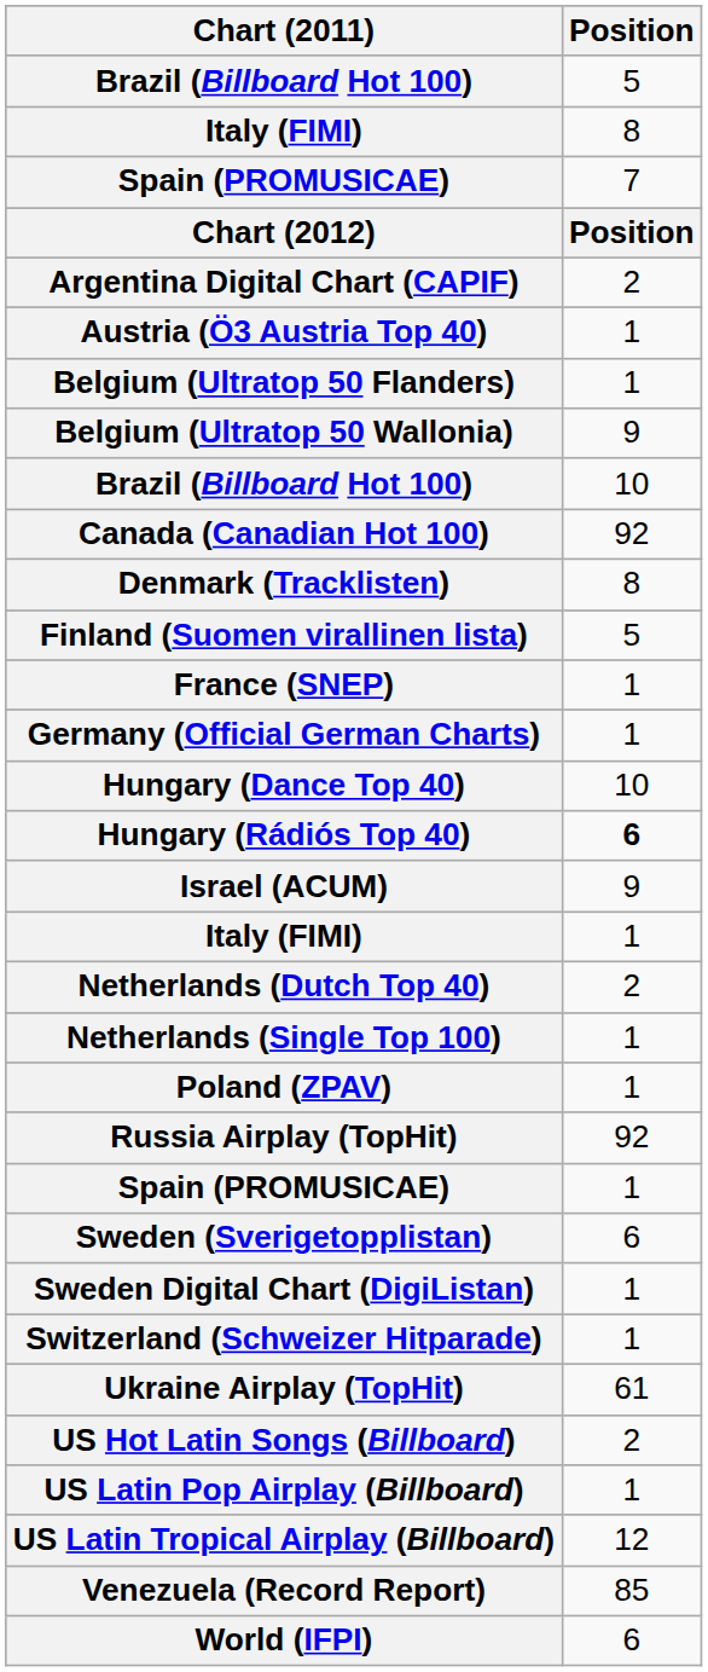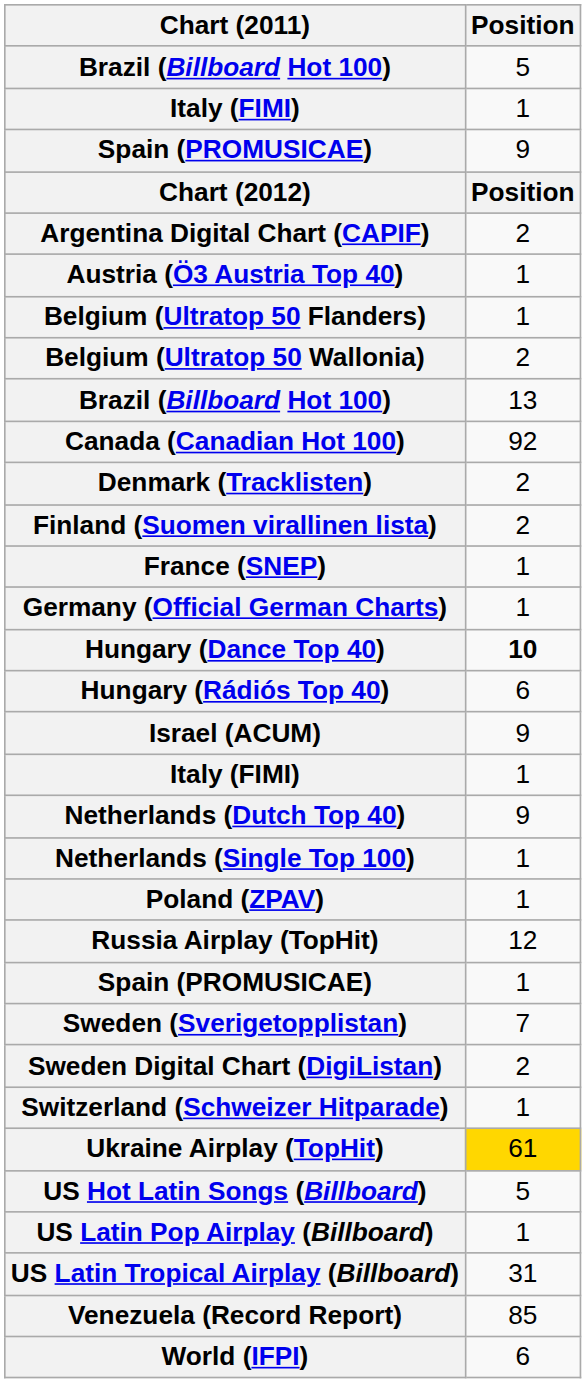 <table class = "wikitable sortable plainrowheaders">
 <tr>
 <th>Chart (2011)</th>
 <th>Position</th>
 </tr>
 <tr>
 <th scope="row">Brazil (<em><a href='#'>Billboard</a></em> <a href='#'>Hot 100</a>)</th>
 <td style="text-align:center;">5</td>
 </tr>
 <tr>
 <th scope="row">Italy (<a href='#'>FIMI</a>)</th>
-<td style="text-align:center;">8</td>
+<td style="text-align:center;">1</td>
 </tr>
 <tr>
 <th scope="row">Spain (<a href='#'>PROMUSICAE</a>)</th>
-<td style="text-align:center;">7</td>
+<td style="text-align:center;">9</td>
 </tr>
 <tr>
 <th>Chart (2012)</th>
 <th>Position</th>
 </tr>
 <tr>
 <th scope="row">Argentina Digital Chart (<a href='#'>CAPIF</a>)</th>
 <td style="text-align:center;">2</td>
 </tr>
 <tr>
 <th scope="row">Austria (<a href='#'>Ö3 Austria Top 40</a>)</th>
 <td style="text-align:center;">1</td>
 </tr>
 <tr>
 <th scope="row">Belgium (<a href='#'>Ultratop 50</a> Flanders)</th>
 <td align="center">1</td>
 </tr>
 <tr>
 <th scope="row">Belgium (<a href='#'>Ultratop 50</a> Wallonia)</th>
-<td align="center">9</td>
+<td align="center">2</td>
 </tr>
 <tr>
 <th scope="row">Brazil (<em><a href='#'>Billboard</a></em> <a href='#'>Hot 100</a>)</th>
-<td style="text-align:center;">10</td>
+<td style="text-align:center;">13</td>
 </tr>
 <tr>
 <th scope="row">Canada (<a href='#'>Canadian Hot 100</a>)</th>
 <td style="text-align:center;">92</td>
 </tr>
 <tr>
 <th scope="row">Denmark (<a href='#'>Tracklisten</a>)</th>
-<td style="text-align:center;">8</td>
+<td style="text-align:center;">2</td>
 </tr>
 <tr>
 <th scope="row">Finland (<a href='#'>Suomen virallinen lista</a>)</th>
-<td style="text-align:center;">5</td>
+<td style="text-align:center;">2</td>
 </tr>
 <tr>
 <th scope="row">France (<a href='#'>SNEP</a>)</th>
 <td style="text-align:center;">1</td>
 </tr>
 <tr>
 <th scope="row">Germany (<a href='#'>Official German Charts</a>)</th>
 <td style="text-align:center;">1</td>
 </tr>
 <tr>
 <th scope="row">Hungary (<a href='#'>Dance Top 40</a>)</th>
-<td style="text-align:center;">10</td>
+<td style="text-align:center;"><strong>10</strong></td>
 </tr>
 <tr>
 <th scope="row">Hungary (<a href='#'>Rádiós Top 40</a>)</th>
-<td style="text-align:center;"><strong>6</strong></td>
+<td style="text-align:center;">6</td>
 </tr>
 <tr>
 <th scope="row">Israel (ACUM)</th>
 <td style="text-align:center;">9</td>
 </tr>
 <tr>
 <th scope="row">Italy (FIMI)</th>
 <td style="text-align:center;">1</td>
 </tr>
 <tr>
 <th scope="row">Netherlands (<a href='#'>Dutch Top 40</a>)</th>
-<td align="center">2</td>
+<td align="center">9</td>
 </tr>
 <tr>
 <th scope="row">Netherlands (<a href='#'>Single Top 100</a>)</th>
 <td style="text-align:center;">1</td>
 </tr>
 <tr>
 <th scope="row">Poland (<a href='#'>ZPAV</a>)</th>
 <td style="text-align:center;">1</td>
 </tr>
 <tr>
 <th scope="row">Russia Airplay (TopHit)</th>
-<td style="text-align:center;">92</td>
+<td style="text-align:center;">12</td>
 </tr>
 <tr>
 <th scope="row">Spain (PROMUSICAE)</th>
 <td style="text-align:center;">1</td>
 </tr>
 <tr>
 <th scope="row">Sweden (<a href='#'>Sverigetopplistan</a>)</th>
-<td style="text-align:center;">6</td>
+<td style="text-align:center;">7</td>
 </tr>
 <tr>
 <th scope="row">Sweden Digital Chart (<a href='#'>DigiListan</a>)</th>
-<td style="text-align:center;">1</td>
+<td style="text-align:center;">2</td>
 </tr>
 <tr>
 <th scope="row">Switzerland (<a href='#'>Schweizer Hitparade</a>)</th>
 <td style="text-align:center;">1</td>
 </tr>
 <tr>
 <th scope="row">Ukraine Airplay (<a href='#'>TopHit</a>)</th>
-<td style="text-align:center;">61</td>
+<td style="background: gold; text-align:center;">61</td>
 </tr>
 <tr>
 <th scope="row">US <a href='#'>Hot Latin Songs</a> (<em><a href='#'>Billboard</a></em>)</th>
-<td align="center">2</td>
+<td align="center">5</td>
 </tr>
 <tr>
 <th scope="row">US <a href='#'>Latin Pop Airplay</a> (<em>Billboard</em>)</th>
 <td align="center">1</td>
 </tr>
 <tr>
 <th scope="row">US <a href='#'>Latin Tropical Airplay</a> (<em>Billboard</em>)</th>
-<td align="center">12</td>
+<td align="center">31</td>
 </tr>
 <tr>
 <th scope="row">Venezuela (Record Report)</th>
 <td align="center">85</td>
 </tr>
 <tr>
 <th scope="row">World (<a href='#'>IFPI</a>)</th>
 <td style="text-align:center;">6</td>
 </tr>
 </table>
